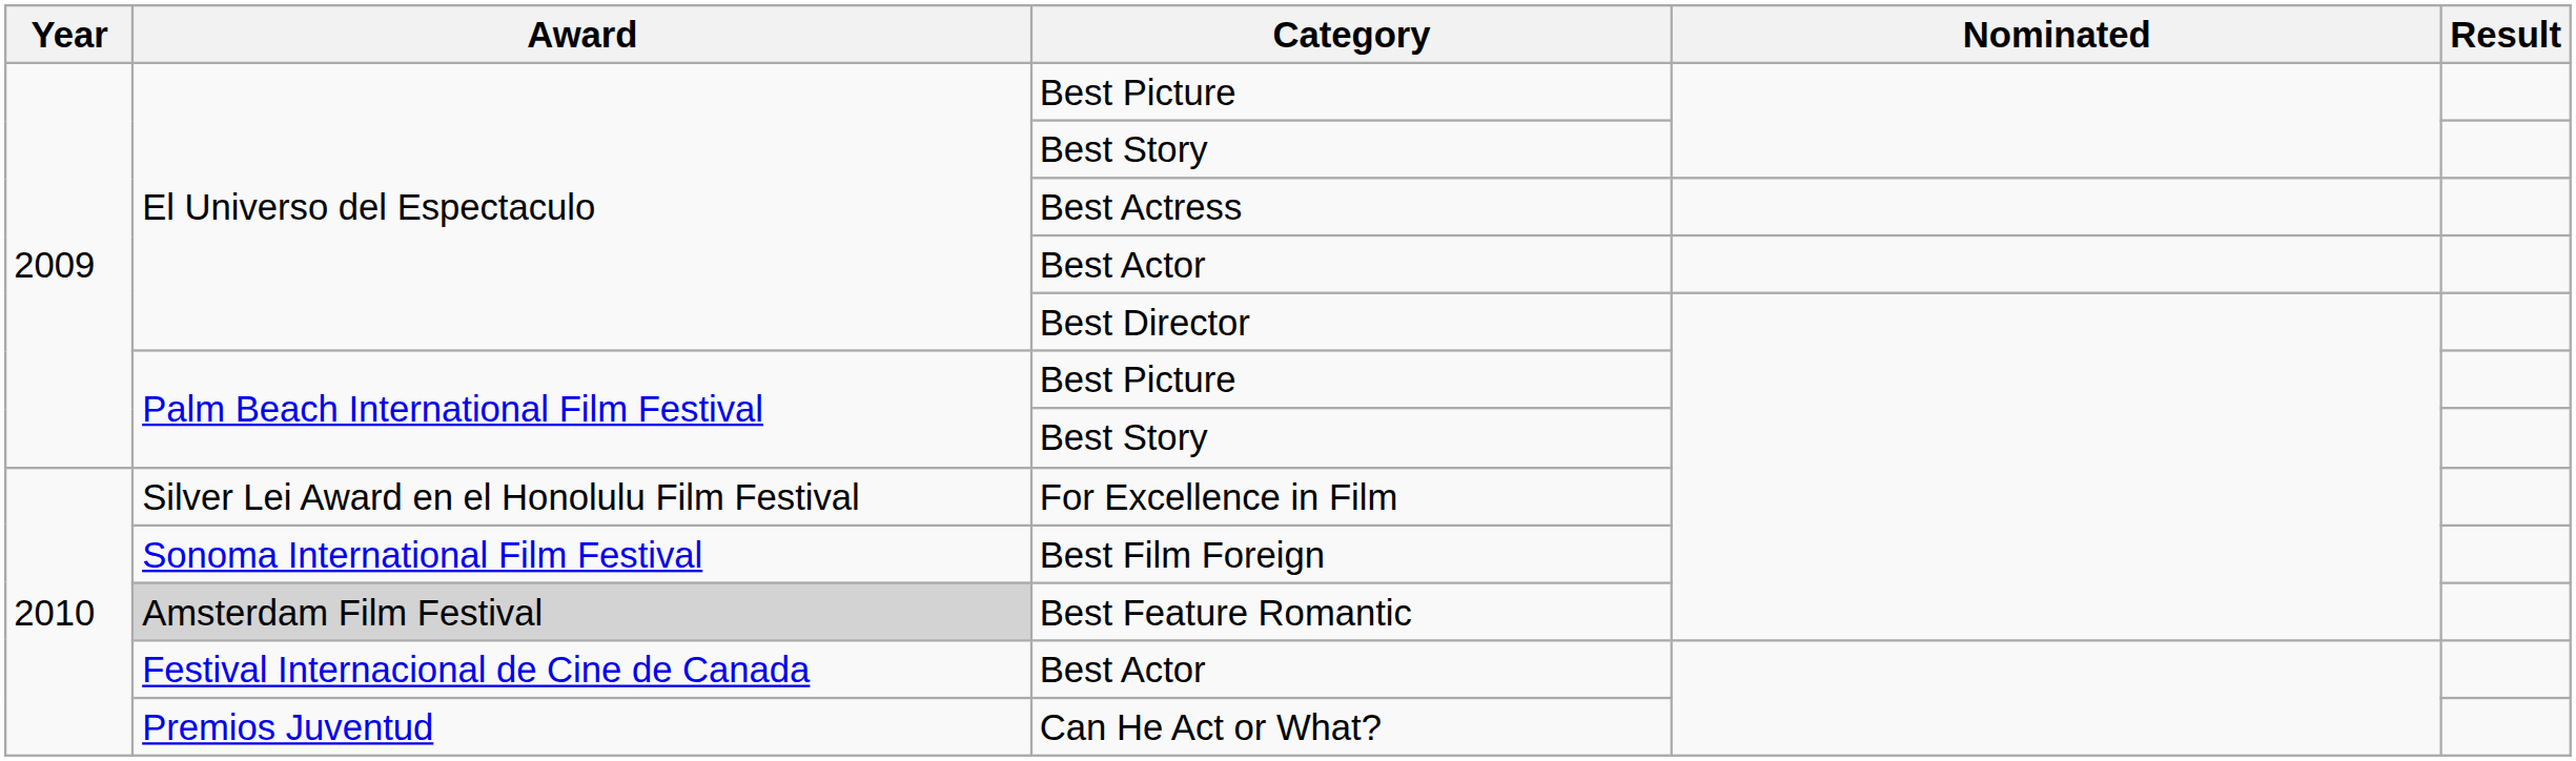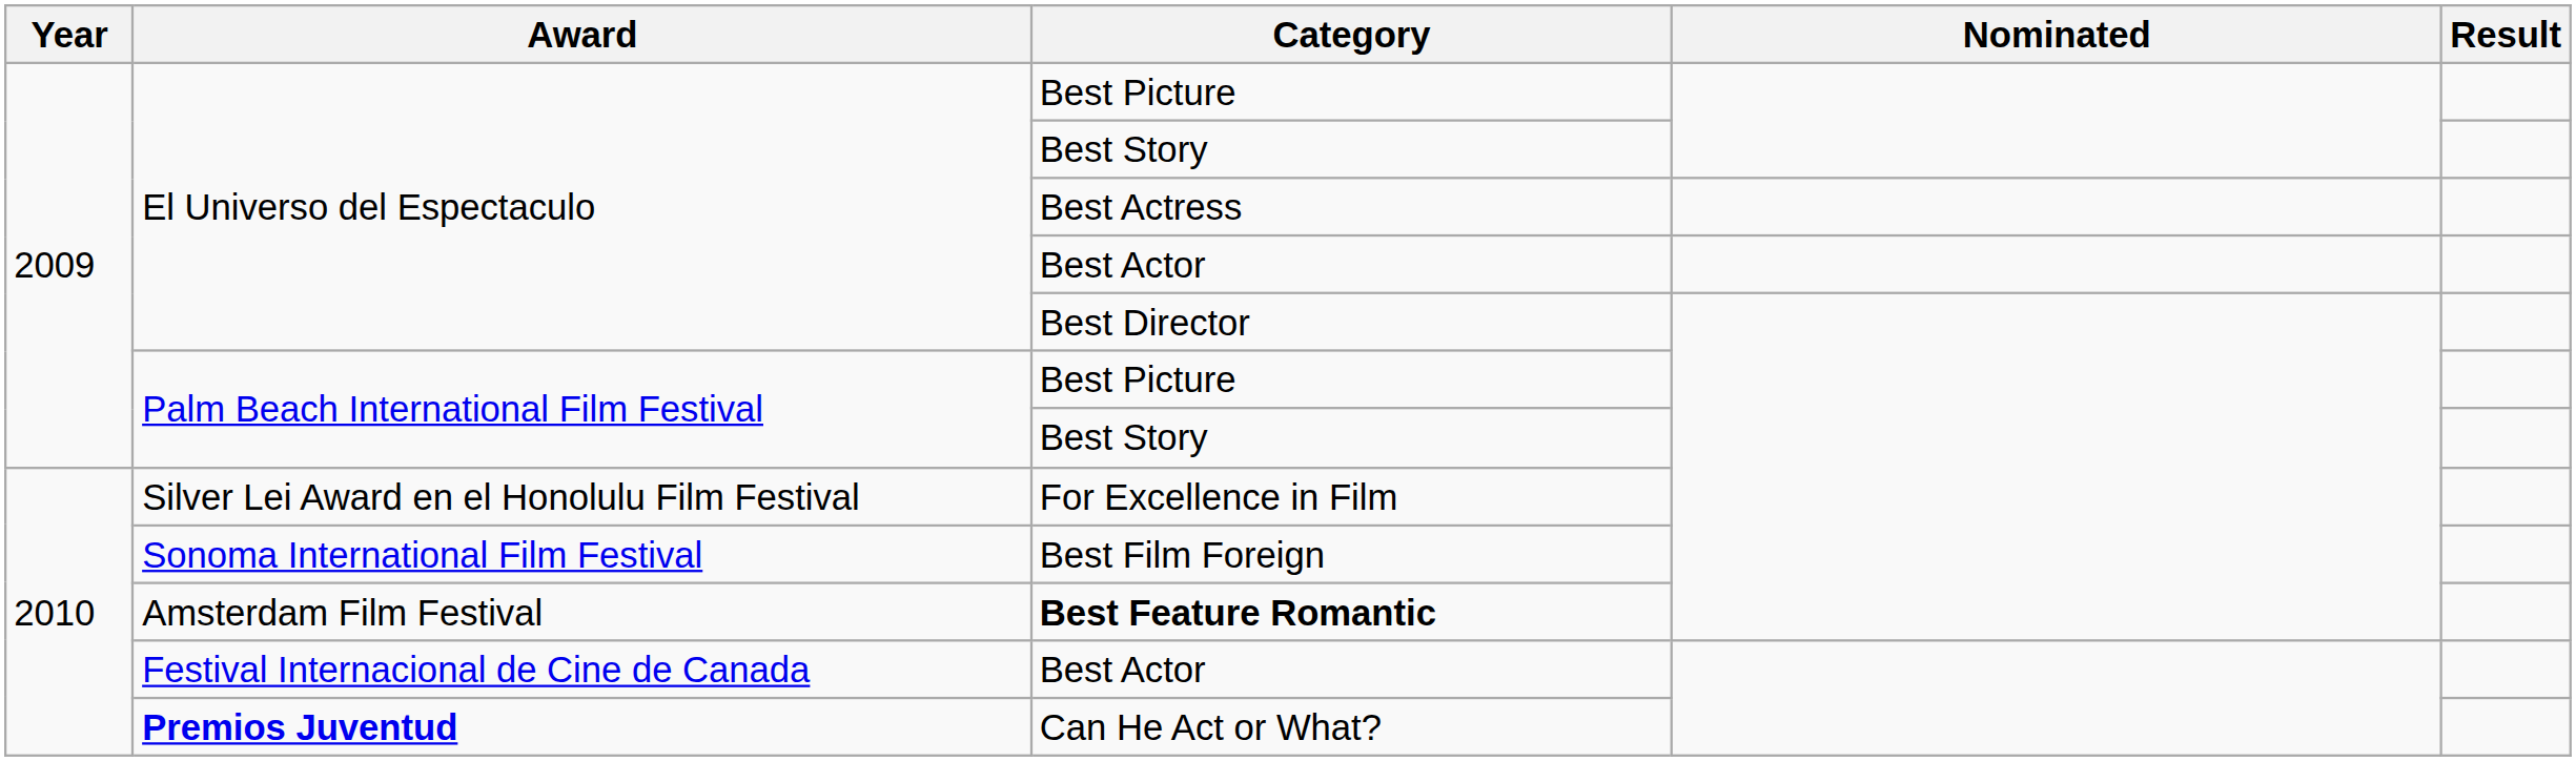 <table class="wikitable" style="font-size: 95%;">
 <tr align="center">
 <th>Year</th>
 <th width=35%>Award</th>
 <th width=25%>Category</th>
 <th width=30%>Nominated</th>
 <th width=5%>Result</th>
 </tr>
 <tr>
 <td rowspan="7">2009</td>
 <td rowspan="5">El Universo del Espectaculo</td>
 <td>Best Picture</td>
 <td rowspan="2"></td>
 <td></td>
 </tr>
 <tr>
 <td>Best Story</td>
 <td></td>
 </tr>
 <tr>
 <td>Best Actress</td>
 <td></td>
 <td></td>
 </tr>
 <tr>
 <td>Best Actor</td>
 <td></td>
 <td></td>
 </tr>
 <tr>
 <td>Best Director</td>
 <td rowspan="6"></td>
 <td></td>
 </tr>
 <tr>
 <td rowspan="2"><a href='#'>Palm Beach International Film Festival</a></td>
 <td>Best Picture</td>
 <td></td>
 </tr>
 <tr>
 <td>Best Story</td>
 <td></td>
 </tr>
 <tr>
 <td rowspan="5">2010</td>
 <td>Silver Lei Award en el Honolulu Film Festival</td>
 <td>For Excellence in Film</td>
 <td></td>
 </tr>
 <tr>
 <td><a href='#'>Sonoma International Film Festival</a></td>
 <td>Best Film Foreign</td>
 <td></td>
 </tr>
 <tr>
-<td style="background: lightgrey;">Amsterdam Film Festival</td>
-<td>Best Feature Romantic</td>
+<td>Amsterdam Film Festival</td>
+<td><strong>Best Feature Romantic</strong></td>
 <td></td>
 </tr>
 <tr>
 <td><a href='#'>Festival Internacional de Cine de Canada</a></td>
 <td>Best Actor</td>
 <td rowspan="2"></td>
 <td></td>
 </tr>
 <tr>
-<td><a href='#'>Premios Juventud</a></td>
+<td><strong><a href='#'>Premios Juventud</a></strong></td>
 <td>Can He Act or What?</td>
 <td></td>
 </tr>
 </table>
